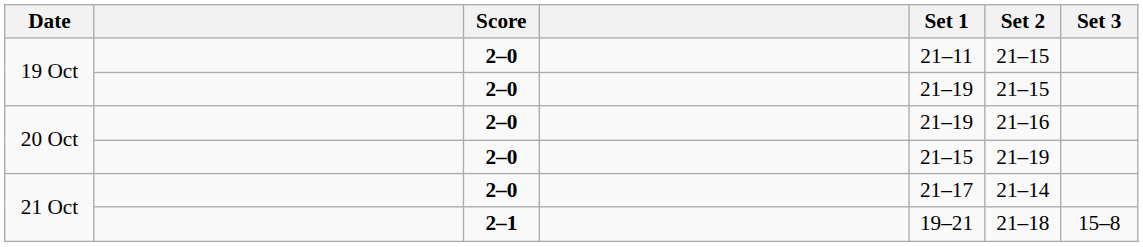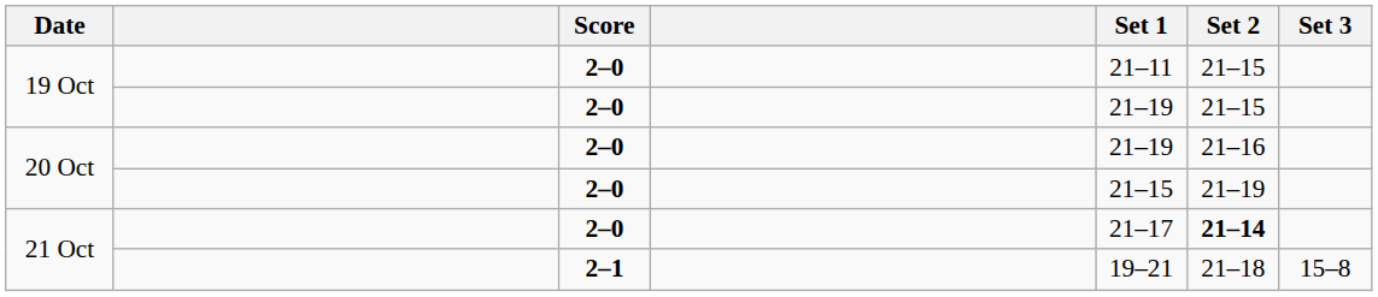 <table class="wikitable" style="text-align: center;">
 <tr>
 <th width="60">Date</th>
 <th align="right" width="270"></th>
 <th width="50">Score</th>
 <th align="left" width="270"></th>
 <th width="50">Set 1</th>
 <th width="50">Set 2</th>
 <th width="50">Set 3</th>
 </tr>
 <tr>
 <td rowspan=2>19 Oct</td>
 <td align=left><strong></strong></td>
 <td align=center><strong>2–0</strong></td>
 <td align=left></td>
 <td>21–11</td>
 <td>21–15</td>
 <td></td>
 </tr>
 <tr>
 <td align=left><strong></strong></td>
 <td align=center><strong>2–0</strong></td>
 <td align=left></td>
 <td>21–19</td>
 <td>21–15</td>
 <td></td>
 </tr>
 <tr>
 <td rowspan=2>20 Oct</td>
 <td align=left><strong></strong></td>
 <td align=center><strong>2–0</strong></td>
 <td align=left></td>
 <td>21–19</td>
 <td>21–16</td>
 <td></td>
 </tr>
 <tr>
 <td align=left><strong></strong></td>
 <td align=center><strong>2–0</strong></td>
 <td align=left></td>
 <td>21–15</td>
 <td>21–19</td>
 <td></td>
 </tr>
 <tr>
 <td rowspan=2>21 Oct</td>
 <td align=left><strong></strong></td>
 <td align=center><strong>2–0</strong></td>
 <td align=left></td>
 <td>21–17</td>
-<td>21–14</td>
+<td><strong>21–14</strong></td>
 <td></td>
 </tr>
 <tr>
 <td align=left><strong></strong></td>
 <td align=center><strong>2–1</strong></td>
 <td align=left></td>
 <td>19–21</td>
 <td>21–18</td>
 <td>15–8</td>
 </tr>
 </table>
